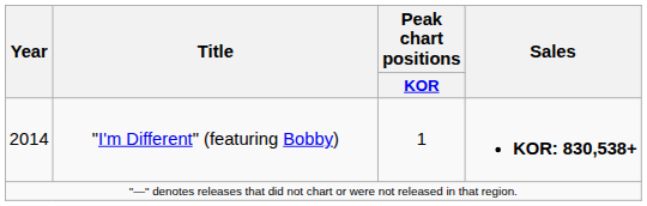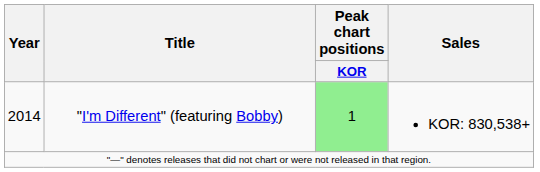 <table class="wikitable plainrowheaders" style="text-align:center;">
 <tr>
 <th scope="col" rowspan="2">Year</th>
 <th scope="col" rowspan="2" style="width:18em;">Title</th>
 <th scope="col" colspan="1">Peak chart positions</th>
 <th scope="col" rowspan="2">Sales</th>
 </tr>
 <tr>
 <th scope="col" style="width:3em;font-size:90%;"><a href='#'>KOR</a><br></th>
 </tr>
 <tr>
 <td>2014</td>
 <td>"<a href='#'>I'm Different</a>" (featuring <a href='#'>Bobby</a>)</td>
-<td>1</td>
-<td><strong><br><ul><li>KOR: 830,538+</li></ul></strong></td>
+<td style="background: lightgreen;">1</td>
+<td><br><ul><li>KOR: 830,538+</li></ul></td>
 </tr>
 <tr>
 <td align="center" colspan="6" style="font-size:8pt">"—" denotes releases that did not chart or were not released in that region.</td>
 </tr>
 </table>
